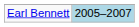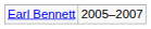 <table class="wikitable">
 <tr>
 </tr>
 <tr>
 <td><a href='#'>Earl Bennett</a></td>
-<td style="background: lightblue;">2005–2007</td>
+<td>2005–2007</td>
 </tr>
 </table>
